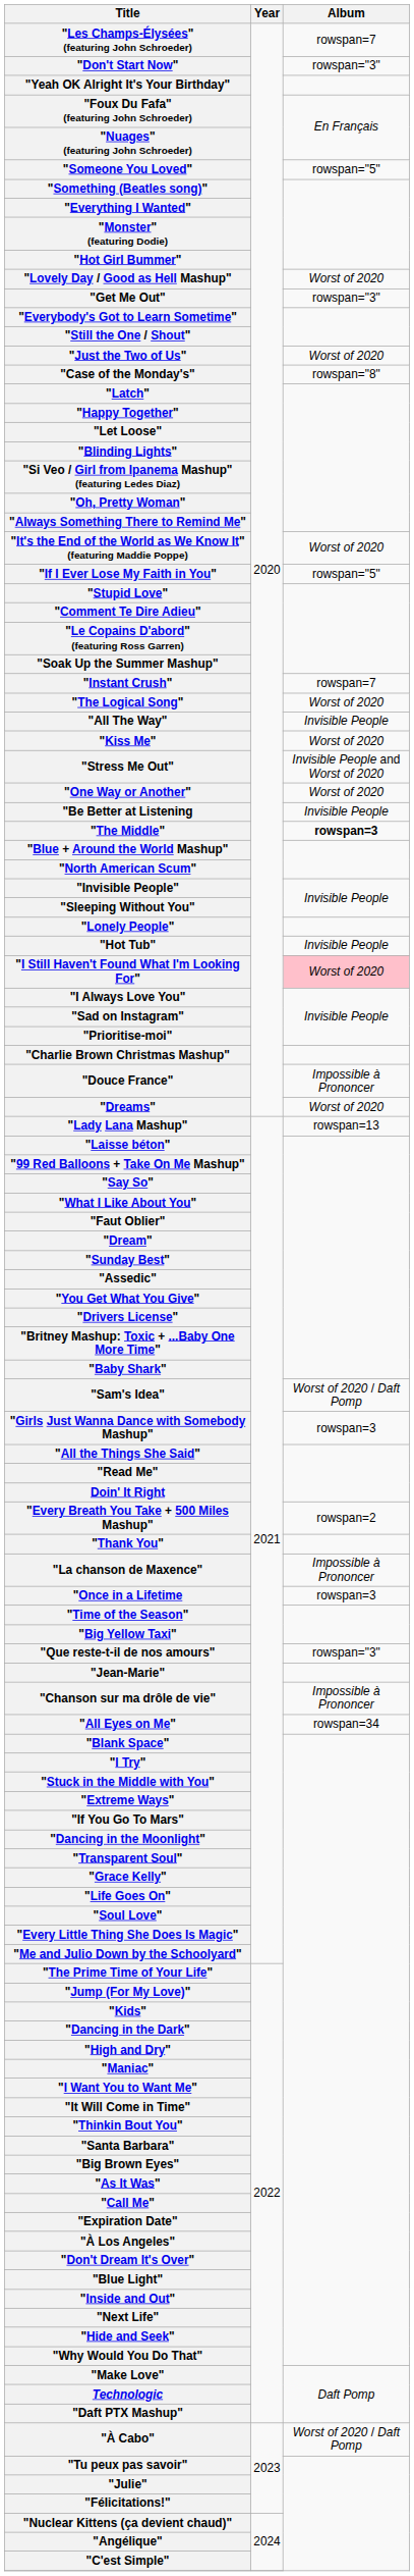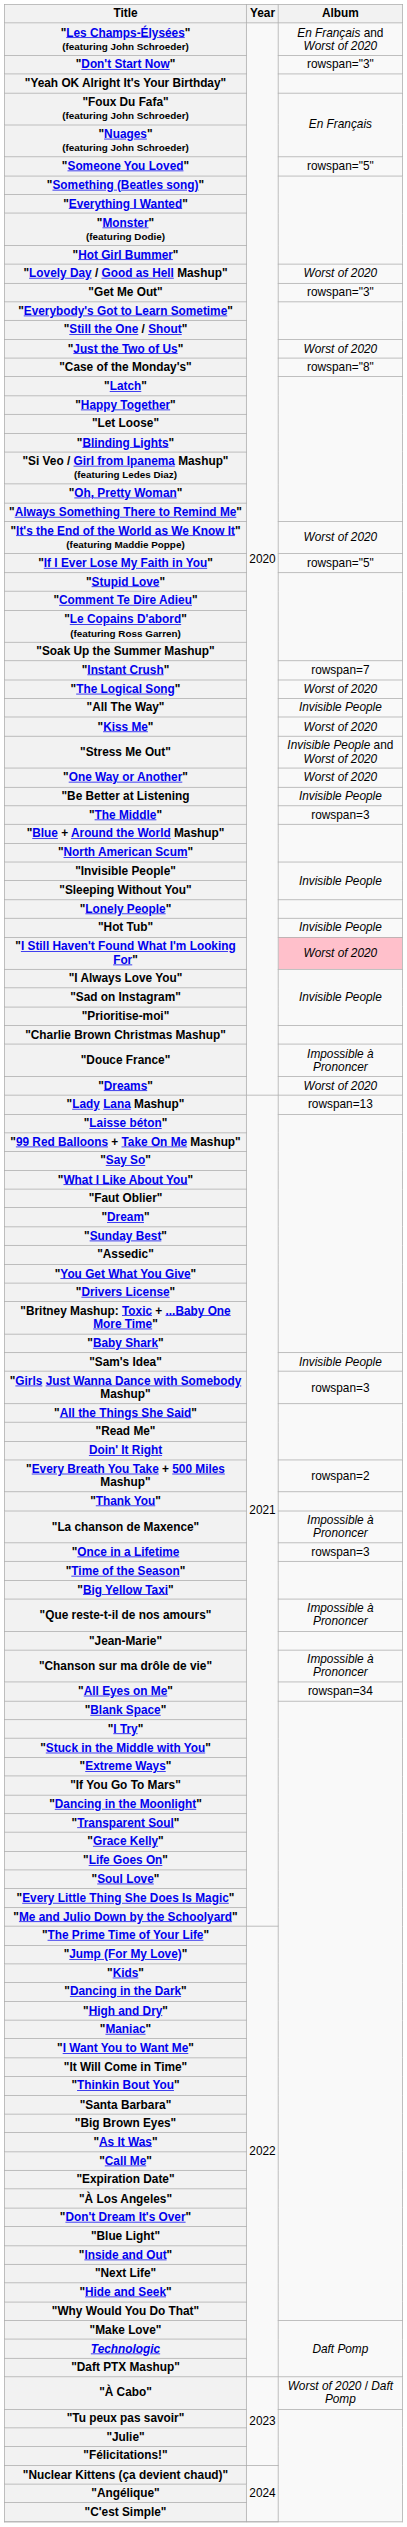 <table class="wikitable plainrowheaders" style="text-align:center;">
 <tr>
 <th rowspan="1" style="width:20em;">Title</th>
 <th rowspan="1" style="width:1em;">Year</th>
 <th rowspan="1" style="width:10em;">Album</th>
 </tr>
 <tr>
 <th scope="row">"<a href='#'>Les Champs-Élysées</a>"<br><small>(featuring John Schroeder)</small></th>
 <td rowspan="50">2020</td>
-<td>rowspan=7 </td>
+<td><em>En Français</em> and <em>Worst of 2020</em></td>
 </tr>
 <tr>
 <th scope="row">"<a href='#'>Don't Start Now</a>"</th>
 <td>rowspan="3" </td>
 </tr>
 <tr>
 <th scope="row">"Yeah OK Alright It's Your Birthday"</th>
 </tr>
 <tr>
 <th scope="row">"Foux Du Fafa"<br><small>(featuring John Schroeder)</small></th>
 <td rowspan="2"><em>En Français</em></td>
 </tr>
 <tr>
 <th scope="row">"<a href='#'>Nuages</a>"<br><small>(featuring John Schroeder)</small></th>
 </tr>
 <tr>
 <th scope="row">"<a href='#'>Someone You Loved</a>"</th>
 <td>rowspan="5" </td>
 </tr>
 <tr>
 <th scope="row">"<a href='#'>Something (Beatles song)</a>"</th>
 </tr>
 <tr>
 <th scope="row">"<a href='#'>Everything I Wanted</a>"</th>
 </tr>
 <tr>
 <th scope="row">"<a href='#'>Monster</a>"<br><small>(featuring Dodie)</small></th>
 </tr>
 <tr>
 <th scope="row">"<a href='#'>Hot Girl Bummer</a>"</th>
 </tr>
 <tr>
 <th scope="row">"<a href='#'>Lovely Day</a> / <a href='#'>Good as Hell</a> Mashup"</th>
 <td><em>Worst of 2020</em></td>
 </tr>
 <tr>
 <th scope="row">"Get Me Out"</th>
 <td>rowspan="3" </td>
 </tr>
 <tr>
 <th scope="row">"<a href='#'>Everybody's Got to Learn Sometime</a>"</th>
 </tr>
 <tr>
 <th scope="row">"<a href='#'>Still the One</a> / <a href='#'>Shout</a>"</th>
 </tr>
 <tr>
 <th scope="row">"<a href='#'>Just the Two of Us</a>"</th>
 <td><em>Worst of 2020</em></td>
 </tr>
 <tr>
 <th scope="row">"Case of the Monday's"</th>
 <td>rowspan="8" </td>
 </tr>
 <tr>
 <th scope="row">"<a href='#'>Latch</a>"</th>
 </tr>
 <tr>
 <th scope="row">"<a href='#'>Happy Together</a>"</th>
 </tr>
 <tr>
 <th scope="row">"Let Loose"</th>
 </tr>
 <tr>
 <th scope="row">"<a href='#'>Blinding Lights</a>"</th>
 </tr>
 <tr>
 <th scope="row">"Si Veo / <a href='#'>Girl from Ipanema</a> Mashup"<br><small>(featuring Ledes Diaz)</small></th>
 </tr>
 <tr>
 <th scope="row">"<a href='#'>Oh, Pretty Woman</a>"</th>
 </tr>
 <tr>
 <th scope="row">"<a href='#'>Always Something There to Remind Me</a>"</th>
 </tr>
 <tr>
 <th scope="row">"<a href='#'>It's the End of the World as We Know It</a>"<br><small>(featuring Maddie Poppe)</small></th>
 <td><em>Worst of 2020</em></td>
 </tr>
 <tr>
 <th scope="row">"<a href='#'>If I Ever Lose My Faith in You</a>"</th>
 <td>rowspan="5" </td>
 </tr>
 <tr>
 <th scope="row">"<a href='#'>Stupid Love</a>"</th>
 </tr>
 <tr>
 <th scope="row">"<a href='#'>Comment Te Dire Adieu</a>"</th>
 </tr>
 <tr>
 <th scope="row">"<a href='#'>Le Copains D'abord</a>"<br><small>(featuring Ross Garren)</small></th>
 </tr>
 <tr>
 <th scope="row">"Soak Up the Summer Mashup"</th>
 </tr>
 <tr>
 <th scope="row">"<a href='#'>Instant Crush</a>"</th>
 <td>rowspan=7 </td>
 </tr>
 <tr>
 <th scope="row">"<a href='#'>The Logical Song</a>"</th>
 <td><em>Worst of 2020</em></td>
 </tr>
 <tr>
 <th scope="row">"All The Way"</th>
 <td><em>Invisible People</em></td>
 </tr>
 <tr>
 <th scope="row">"<a href='#'>Kiss Me</a>"</th>
 <td><em>Worst of 2020</em></td>
 </tr>
 <tr>
 <th scope="row">"Stress Me Out"</th>
 <td><em>Invisible People</em> and <em>Worst of 2020</em></td>
 </tr>
 <tr>
 <th scope="row">"<a href='#'>One Way or Another</a>"</th>
 <td><em>Worst of 2020</em></td>
 </tr>
 <tr>
 <th scope="row">"Be Better at Listening</th>
 <td><em>Invisible People</em></td>
 </tr>
 <tr>
 <th scope="row">"<a href='#'>The Middle</a>"</th>
-<td><strong>rowspan=3 </strong></td>
+<td>rowspan=3 </td>
 </tr>
 <tr>
 <th scope="row">"<a href='#'>Blue</a> + <a href='#'>Around the World</a> Mashup"</th>
 </tr>
 <tr>
 <th scope="row">"<a href='#'>North American Scum</a>"</th>
 </tr>
 <tr>
 <th scope="row">"Invisible People"</th>
 <td rowspan=2><em>Invisible People</em></td>
 </tr>
 <tr>
 <th scope="row">"Sleeping Without You"</th>
 </tr>
 <tr>
 <th scope="row">"<a href='#'>Lonely People</a>"</th>
 <td></td>
 </tr>
 <tr>
 <th scope="row">"Hot Tub"</th>
 <td><em>Invisible People</em></td>
 </tr>
 <tr>
 <th scope="row">"<a href='#'>I Still Haven't Found What I'm Looking For</a>"<br> </th>
 <td style="background: pink;"><em>Worst of 2020</em></td>
 </tr>
 <tr>
 <th scope="row">"I Always Love You"</th>
 <td rowspan=3><em>Invisible People</em></td>
 </tr>
 <tr>
 <th scope="row">"Sad on Instagram"</th>
 </tr>
 <tr>
 <th scope="row">"Prioritise-moi"</th>
 </tr>
 <tr>
 <th scope="row">"Charlie Brown Christmas Mashup"</th>
 <td></td>
 </tr>
 <tr>
 <th scope="row">"Douce France" <br></th>
 <td><em>Impossible à Prononcer</em></td>
 </tr>
 <tr>
 <th scope="row">"<a href='#'>Dreams</a>" <br></th>
 <td><em>Worst of 2020</em></td>
 </tr>
 <tr>
 <th scope="row">"<a href='#'>Lady</a> <a href='#'>Lana</a> Mashup"</th>
 <td rowspan=40>2021</td>
 <td>rowspan=13 </td>
 </tr>
 <tr>
 <th scope="row">"<a href='#'>Laisse béton</a>" <br></th>
 </tr>
 <tr>
 <th scope="row">"<a href='#'>99 Red Balloons</a> + <a href='#'>Take On Me</a> Mashup"</th>
 </tr>
 <tr>
 <th scope="row">"<a href='#'>Say So</a>"</th>
 </tr>
 <tr>
 <th scope="row">"<a href='#'>What I Like About You</a>"</th>
 </tr>
 <tr>
 <th scope="row">"Faut Oblier" <br></th>
 </tr>
 <tr>
 <th scope="row">"<a href='#'>Dream</a>"</th>
 </tr>
 <tr>
 <th scope="row">"<a href='#'>Sunday Best</a>"</th>
 </tr>
 <tr>
 <th scope="row">"Assedic"</th>
 </tr>
 <tr>
 <th scope="row">"<a href='#'>You Get What You Give</a>"</th>
 </tr>
 <tr>
 <th scope="row">"<a href='#'>Drivers License</a>"</th>
 </tr>
 <tr>
 <th scope="row">"Britney Mashup: <a href='#'>Toxic</a> + <a href='#'>...Baby One More Time</a>"</th>
 </tr>
 <tr>
 <th scope="row">"<a href='#'>Baby Shark</a>"</th>
 </tr>
 <tr>
 <th scope="row">"Sam's Idea"</th>
-<td><em>Worst of 2020</em> / <em>Daft Pomp</em></td>
+<td><em>Invisible People</em></td>
 </tr>
 <tr>
 <th scope="row">"<a href='#'>Girls</a> <a href='#'>Just Wanna Dance with Somebody</a> Mashup"</th>
 <td>rowspan=3 </td>
 </tr>
 <tr>
 <th scope="row">"<a href='#'>All the Things She Said</a>"</th>
 </tr>
 <tr>
 <th scope="row">"Read Me"</th>
 </tr>
 <tr>
 <th scope="row"><a href='#'>Doin' It Right</a></th>
 </tr>
 <tr>
 <th scope="row">"<a href='#'>Every Breath You Take</a> + <a href='#'>500 Miles</a> Mashup"</th>
 <td>rowspan=2 </td>
 </tr>
 <tr>
 <th scope="row">"<a href='#'>Thank You</a>"</th>
 </tr>
 <tr>
 <th scope="row">"La chanson de Maxence"</th>
 <td><em>Impossible à Prononcer</em></td>
 </tr>
 <tr>
 <th scope="row">"<a href='#'>Once in a Lifetime</a></th>
 <td>rowspan=3 </td>
 </tr>
 <tr>
 <th scope="row">"<a href='#'>Time of the Season</a>"</th>
 </tr>
 <tr>
 <th scope="row">"<a href='#'>Big Yellow Taxi</a>"</th>
 </tr>
 <tr>
 <th scope="row">"Que reste-t-il de nos amours"</th>
-<td>rowspan="3" </td>
+<td><em>Impossible à Prononcer</em></td>
 </tr>
 <tr>
 <th scope="row">"Jean-Marie"</th>
 <td></td>
 </tr>
 <tr>
 <th scope="row">"Chanson sur ma drôle de vie"</th>
 <td><em>Impossible à Prononcer</em></td>
 </tr>
 <tr>
 <th scope="row">"<a href='#'>All Eyes on Me</a>"<br> </th>
 <td>rowspan=34 </td>
 </tr>
 <tr>
 <th scope="row">"<a href='#'>Blank Space</a>"</th>
 </tr>
 <tr>
 <th scope="row">"<a href='#'>I Try</a>"</th>
 </tr>
 <tr>
 <th scope="row">"<a href='#'>Stuck in the Middle with You</a>"</th>
 </tr>
 <tr>
 <th scope="row">"<a href='#'>Extreme Ways</a>"<br> </th>
 </tr>
 <tr>
 <th scope="row">"If You Go To Mars"</th>
 </tr>
 <tr>
 <th scope="row">"<a href='#'>Dancing in the Moonlight</a>"</th>
 </tr>
 <tr>
 <th scope="row">"<a href='#'>Transparent Soul</a>"<br> </th>
 </tr>
 <tr>
 <th scope="row">"<a href='#'>Grace Kelly</a>"<br> </th>
 </tr>
 <tr>
 <th scope="row">"<a href='#'>Life Goes On</a>"</th>
 </tr>
 <tr>
 <th scope="row">"<a href='#'>Soul Love</a>"<br> </th>
 </tr>
 <tr>
 <th scope="row">"<a href='#'>Every Little Thing She Does Is Magic</a>"</th>
 </tr>
 <tr>
 <th scope="row">"<a href='#'>Me and Julio Down by the Schoolyard</a>"<br> </th>
 </tr>
 <tr>
 <th scope="row">"<a href='#'>The Prime Time of Your Life</a>"</th>
 <td rowspan=24>2022</td>
 </tr>
 <tr>
 <th scope="row">"<a href='#'>Jump (For My Love)</a>"</th>
 </tr>
 <tr>
 <th scope="row">"<a href='#'>Kids</a>"</th>
 </tr>
 <tr>
 <th scope="row">"<a href='#'>Dancing in the Dark</a>"</th>
 </tr>
 <tr>
 <th scope="row">"<a href='#'>High and Dry</a>"</th>
 </tr>
 <tr>
 <th scope="row">"<a href='#'>Maniac</a>"</th>
 </tr>
 <tr>
 <th scope="row">"<a href='#'>I Want You to Want Me</a>"</th>
 </tr>
 <tr>
 <th scope="row">"It Will Come in Time"</th>
 </tr>
 <tr>
 <th scope="row">"<a href='#'>Thinkin Bout You</a>"</th>
 </tr>
 <tr>
 <th scope="row">"Santa Barbara"</th>
 </tr>
 <tr>
 <th scope="row">"Big Brown Eyes"<br> </th>
 </tr>
 <tr>
 <th scope="row">"<a href='#'>As It Was</a>"<br> </th>
 </tr>
 <tr>
 <th scope="row">"<a href='#'>Call Me</a>"</th>
 </tr>
 <tr>
 <th scope="row">"Expiration Date"<br> </th>
 </tr>
 <tr>
 <th scope="row">"À Los Angeles"</th>
 </tr>
 <tr>
 <th scope="row">"<a href='#'>Don't Dream It's Over</a>"<br> </th>
 </tr>
 <tr>
 <th scope="row">"Blue Light"<br> </th>
 </tr>
 <tr>
 <th scope="row">"<a href='#'>Inside and Out</a>"<br> </th>
 </tr>
 <tr>
 <th scope="row">"Next Life"<br> </th>
 </tr>
 <tr>
 <th scope="row">"<a href='#'>Hide and Seek</a>"<br> </th>
 </tr>
 <tr>
 <th scope="row">"Why Would You Do That"<br> </th>
 </tr>
 <tr>
 <th scope="row">"Make Love"</th>
 <td rowspan=3><em>Daft Pomp</em></td>
 </tr>
 <tr>
 <th scope="row"><em><a href='#'>Technologic</a></em></th>
 </tr>
 <tr>
 <th scope="row">"Daft PTX Mashup"</th>
 </tr>
 <tr>
 <th scope="row">"À Cabo"<br> </th>
 <td rowspan=4>2023</td>
 <td><em>Worst of 2020</em> / <em>Daft Pomp</em></td>
 </tr>
 <tr>
 <th scope="row">"Tu peux pas savoir"<br> </th>
 </tr>
 <tr>
 <th scope="row">"Julie"</th>
 </tr>
 <tr>
 <th scope="row">"Félicitations!"</th>
 </tr>
 <tr>
 <th scope="row">"Nuclear Kittens (ça devient chaud)"</th>
 <td rowspan="3">2024</td>
 </tr>
 <tr>
 <th scope="row">"Angélique"</th>
 </tr>
 <tr>
 <th scope="row">"C'est Simple"</th>
 </tr>
 <tr>
 </tr>
 </table>
